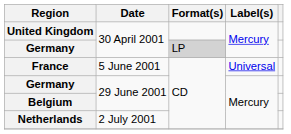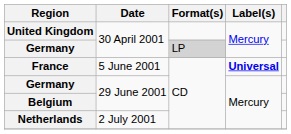 <table class="wikitable plainrowheaders">
 <tr>
 <th scope="col">Region</th>
 <th scope="col">Date</th>
 <th scope="col">Format(s)</th>
 <th scope="col">Label(s)</th>
 <th scope="col"></th>
 </tr>
 <tr>
 <th scope="row">United Kingdom</th>
 <td rowspan ="2">30 April 2001</td>
 <td></td>
 <td rowspan="2"><a href='#'>Mercury</a></td>
 <td align="center"></td>
 </tr>
 <tr>
 <th scope="row">Germany</th>
 <td style="background: lightgrey;">LP</td>
 <td align="center"></td>
 </tr>
 <tr>
 <th scope="row">France</th>
 <td>5 June 2001</td>
 <td rowspan="4">CD</td>
-<td><a href='#'>Universal</a></td>
+<td><strong><a href='#'>Universal</a></strong></td>
 <td align="center"></td>
 </tr>
 <tr>
 <th scope="row">Germany</th>
 <td rowspan="2">29 June 2001</td>
 <td rowspan="3">Mercury</td>
 <td align="center"></td>
 </tr>
 <tr>
 <th scope="row">Belgium</th>
 <td align="center"></td>
 </tr>
 <tr>
 <th scope="row">Netherlands</th>
 <td>2 July 2001</td>
 <td align="center"></td>
 </tr>
 <tr>
 </tr>
 </table>
